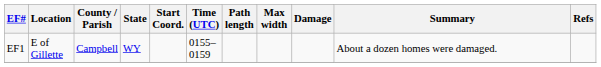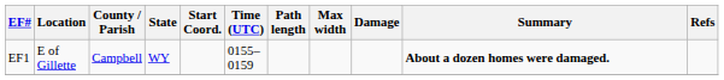 <table class="wikitable sortable" style="width:100%;">
 <tr>
 <th scope="col" width="3%" align="center"><a href='#'>EF#</a></th>
 <th scope="col" width="7%" align="center" class="unsortable">Location</th>
 <th scope="col" width="6%" align="center" class="unsortable">County / Parish</th>
 <th scope="col" width="5%" align="center">State</th>
 <th scope="col" width="6%" align="center">Start Coord.</th>
 <th scope="col" width="6%" align="center">Time (<a href='#'>UTC</a>)</th>
 <th scope="col" width="6%" align="center">Path length</th>
 <th scope="col" width="6%" align="center">Max width</th>
 <th scope="col" width="6%" align="center">Damage</th>
 <th scope="col" width="48%" class="unsortable" align="center">Summary</th>
 <th scope="col" width="48%" class="unsortable" align="center">Refs</th>
 </tr>
 <tr>
 <td>EF1</td>
 <td>E of <a href='#'>Gillette</a></td>
 <td><a href='#'>Campbell</a></td>
 <td><a href='#'>WY</a></td>
 <td></td>
 <td>0155–0159</td>
 <td></td>
 <td></td>
 <td></td>
-<td>About a dozen homes were damaged.</td>
+<td><strong>About a dozen homes were damaged.</strong></td>
 <td></td>
 </tr>
 <tr>
 </tr>
 </table>
